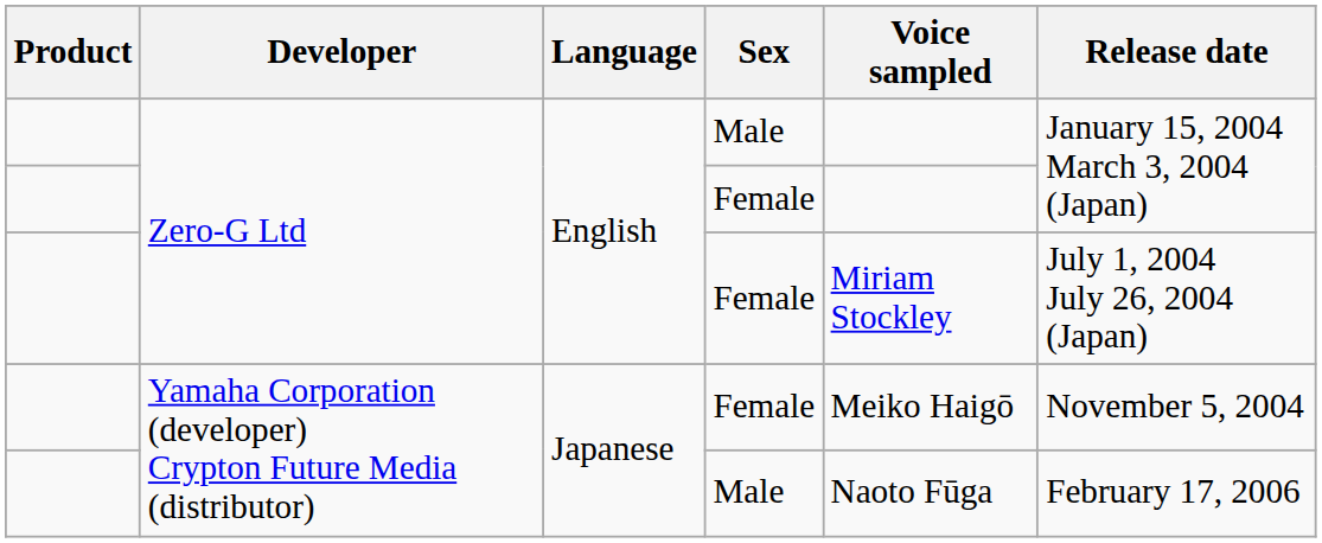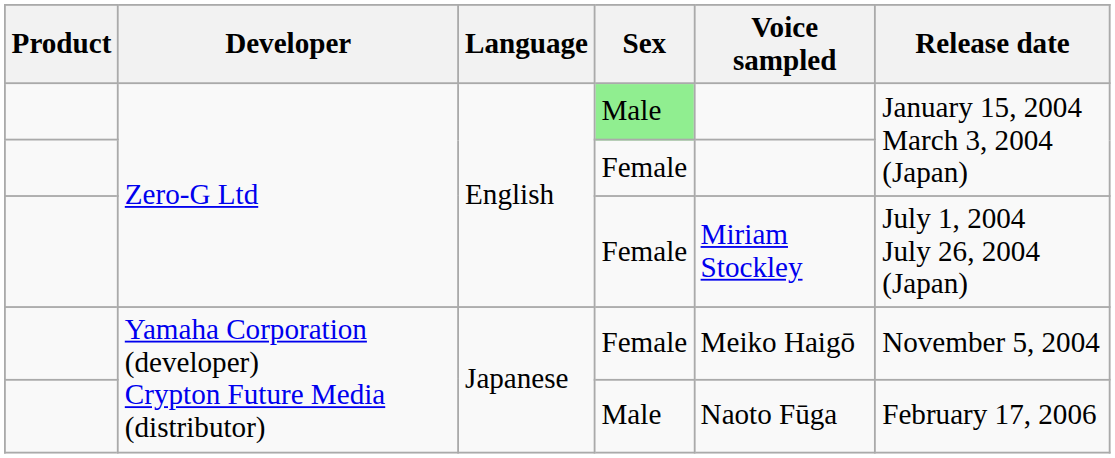 <table class="wikitable sortable">
 <tr>
 <th>Product</th>
 <th>Developer</th>
 <th>Language</th>
 <th>Sex</th>
 <th>Voice sampled</th>
 <th>Release date</th>
 </tr>
 <tr>
 <td></td>
 <td rowspan="3"><a href='#'>Zero-G Ltd</a></td>
 <td rowspan="3">English</td>
-<td>Male</td>
+<td style="background: lightgreen;">Male</td>
 <td></td>
 <td rowspan="2">January 15, 2004<br>March 3, 2004 (Japan)</td>
 </tr>
 <tr>
 <td></td>
 <td>Female</td>
 <td></td>
 </tr>
 <tr>
 <td></td>
 <td>Female</td>
 <td><a href='#'>Miriam Stockley</a></td>
 <td>July 1, 2004<br>July 26, 2004 (Japan)</td>
 </tr>
 <tr>
 <td></td>
 <td rowspan="2"><a href='#'>Yamaha Corporation</a> (developer)<br><a href='#'>Crypton Future Media</a> (distributor)</td>
 <td rowspan="2">Japanese</td>
 <td>Female</td>
 <td>Meiko Haigō</td>
 <td>November 5, 2004</td>
 </tr>
 <tr>
 <td></td>
 <td>Male</td>
 <td>Naoto Fūga</td>
 <td>February 17, 2006</td>
 </tr>
 </table>
